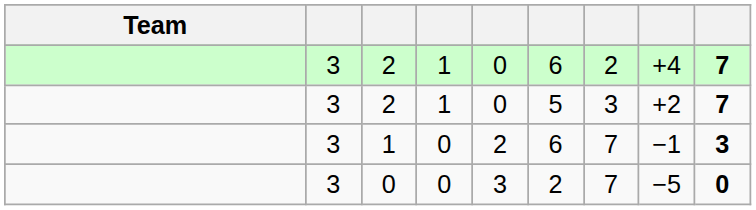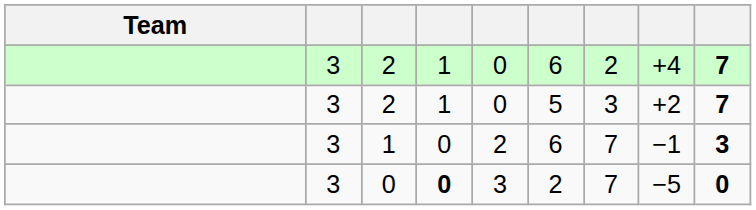 <table class="wikitable" style="text-align: center; font-size: 90%;">
 <tr>
 <th width=165>Team</th>
 <th width=25></th>
 <th width=25></th>
 <th width=25></th>
 <th width=25></th>
 <th width=25></th>
 <th width=25></th>
 <th width=25></th>
 <th width=25></th>
 </tr>
 <tr style="background:#cfc;">
 <td align="left"></td>
 <td>3</td>
 <td>2</td>
 <td>1</td>
 <td>0</td>
 <td>6</td>
 <td>2</td>
 <td>+4</td>
 <td><strong>7</strong></td>
 </tr>
 <tr>
 <td align="left"></td>
 <td>3</td>
 <td>2</td>
 <td>1</td>
 <td>0</td>
 <td>5</td>
 <td>3</td>
 <td>+2</td>
 <td><strong>7</strong></td>
 </tr>
 <tr>
 <td align="left"><em></em></td>
 <td>3</td>
 <td>1</td>
 <td>0</td>
 <td>2</td>
 <td>6</td>
 <td>7</td>
 <td>−1</td>
 <td><strong>3</strong></td>
 </tr>
 <tr>
 <td align="left"></td>
 <td>3</td>
 <td>0</td>
-<td>0</td>
+<td><strong>0</strong></td>
 <td>3</td>
 <td>2</td>
 <td>7</td>
 <td>−5</td>
 <td><strong>0</strong></td>
 </tr>
 </table>
